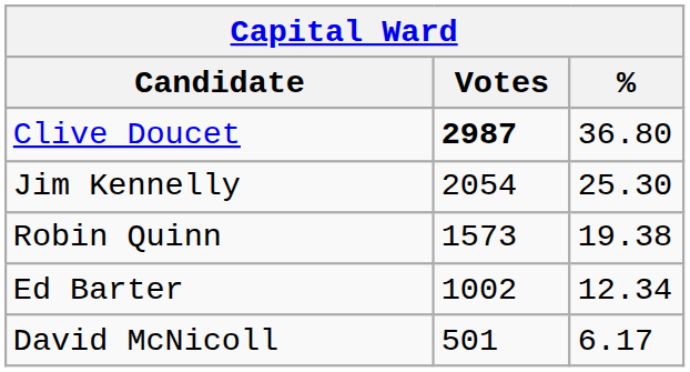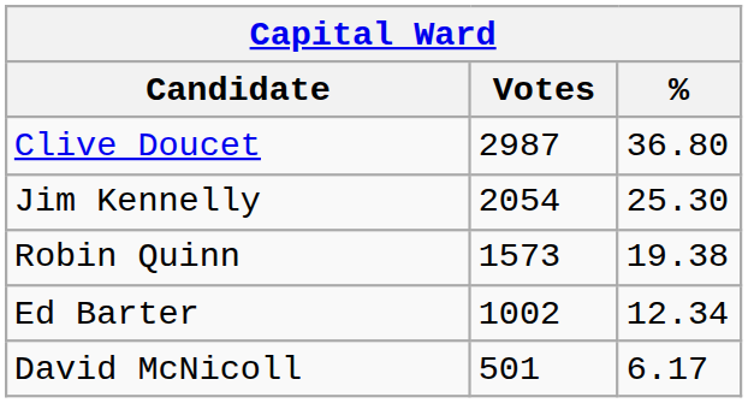 <table class="wikitable">
 <tr>
 <th colspan="3"><a href='#'>Capital Ward</a></th>
 </tr>
 <tr>
 <th style="width: 170px">Candidate</th>
 <th style="width: 50px">Votes</th>
 <th style="width: 40px">%</th>
 </tr>
 <tr>
 <td><a href='#'>Clive Doucet</a></td>
-<td><strong>2987</strong></td>
+<td>2987</td>
 <td>36.80</td>
 </tr>
 <tr>
 <td>Jim Kennelly</td>
 <td>2054</td>
 <td>25.30</td>
 </tr>
 <tr>
 <td>Robin Quinn</td>
 <td>1573</td>
 <td>19.38</td>
 </tr>
 <tr>
 <td>Ed Barter</td>
 <td>1002</td>
 <td>12.34</td>
 </tr>
 <tr>
 <td>David McNicoll</td>
 <td>501</td>
 <td>6.17</td>
 </tr>
 </table>
